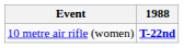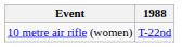 <table class="wikitable" style="text-align: center">
 <tr>
 <th>Event</th>
 <th>1988</th>
 </tr>
 <tr>
 <td align=left><a href='#'>10 metre air rifle</a> (women)</td>
-<td><strong><a href='#'>T-22nd</a></strong></td>
+<td><a href='#'>T-22nd</a></td>
 </tr>
 </table>
